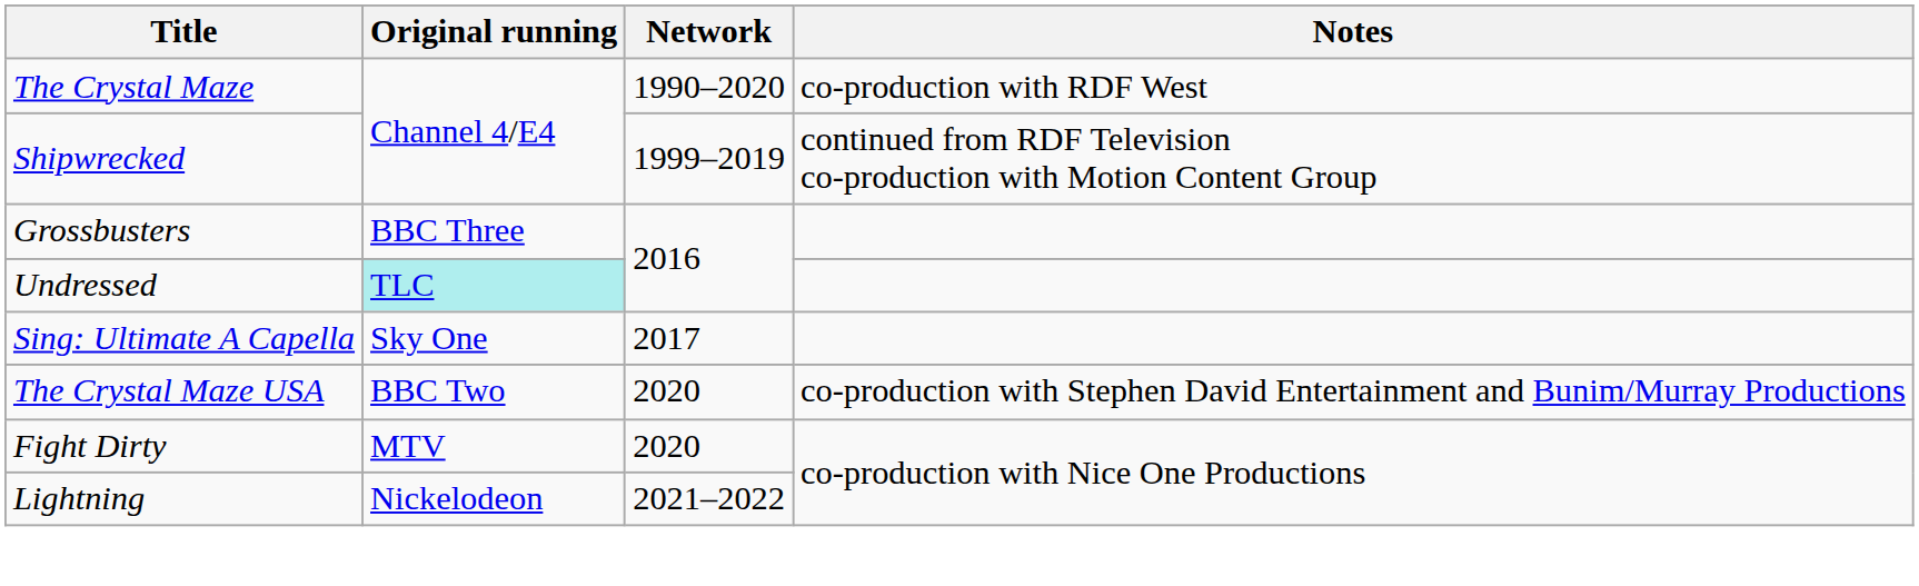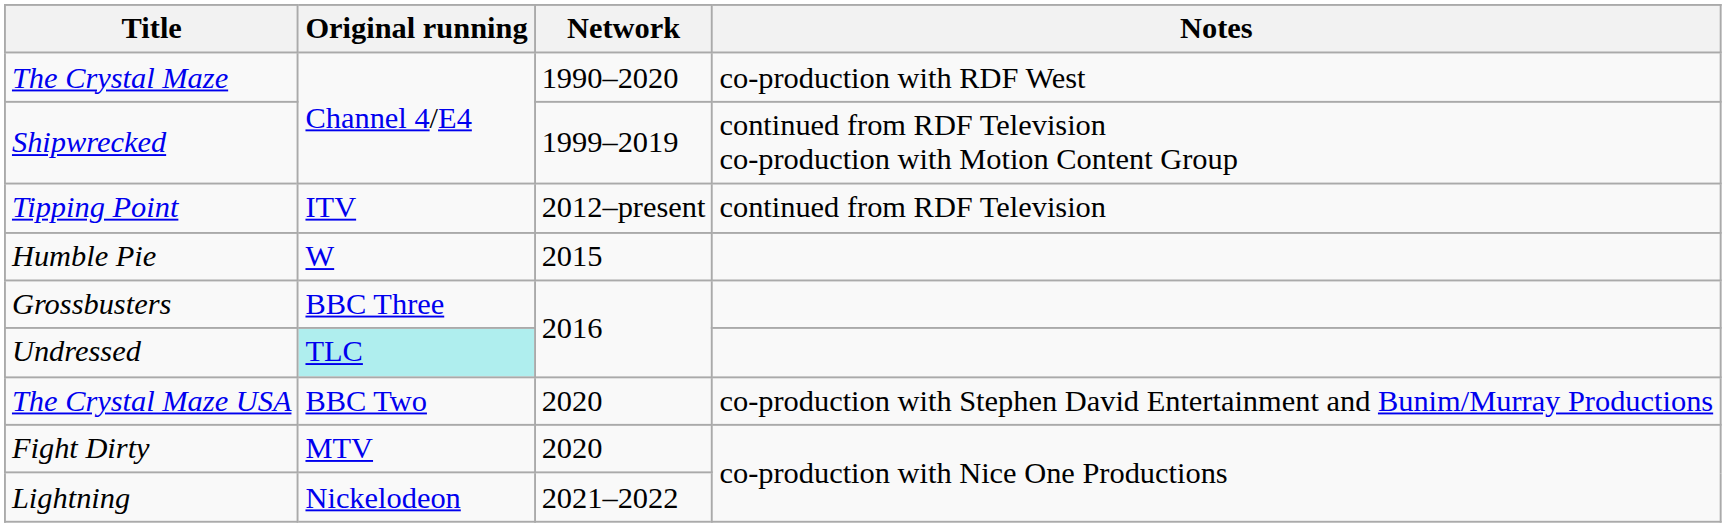 <table class="wikitable sortable">
 <tr>
 <th>Title</th>
 <th>Original running</th>
 <th>Network</th>
 <th>Notes</th>
 </tr>
 <tr>
 <td><em><a href='#'>The Crystal Maze</a></em></td>
 <td rowspan="2'"><a href='#'>Channel 4</a>/<a href='#'>E4</a></td>
 <td>1990–2020</td>
 <td>co-production with RDF West</td>
 </tr>
 <tr>
 <td><em><a href='#'>Shipwrecked</a></em></td>
 <td>1999–2019</td>
 <td>continued from RDF Television<br>co-production with Motion Content Group</td>
 </tr>
 <tr>
+<td><em><a href='#'>Tipping Point</a></em></td>
+<td><a href='#'>ITV</a></td>
+<td>2012–present</td>
+<td>continued from RDF Television</td>
+</tr>
+<tr>
+<td><em>Humble Pie</em></td>
+<td><a href='#'>W</a></td>
+<td>2015</td>
+<td></td>
+</tr>
+<tr>
 <td><em>Grossbusters</em></td>
 <td><a href='#'>BBC Three</a></td>
 <td rowspan="2">2016</td>
 <td></td>
 </tr>
 <tr>
 <td><em>Undressed</em></td>
 <td style="background: paleturquoise;"><a href='#'>TLC</a></td>
-<td></td>
-</tr>
-<tr>
-<td><em><a href='#'>Sing: Ultimate A Capella</a></em></td>
-<td><a href='#'>Sky One</a></td>
-<td>2017</td>
 <td></td>
 </tr>
 <tr>
 <td><em><a href='#'>The Crystal Maze USA</a></em></td>
 <td><a href='#'>BBC Two</a></td>
 <td>2020</td>
 <td>co-production with Stephen David Entertainment and <a href='#'>Bunim/Murray Productions</a></td>
 </tr>
 <tr>
 <td><em>Fight Dirty</em></td>
 <td><a href='#'>MTV</a></td>
 <td>2020</td>
 <td rowspan="2">co-production with Nice One Productions</td>
 </tr>
 <tr>
 <td><em>Lightning</em></td>
 <td><a href='#'>Nickelodeon</a></td>
 <td>2021–2022</td>
 </tr>
 </table>
